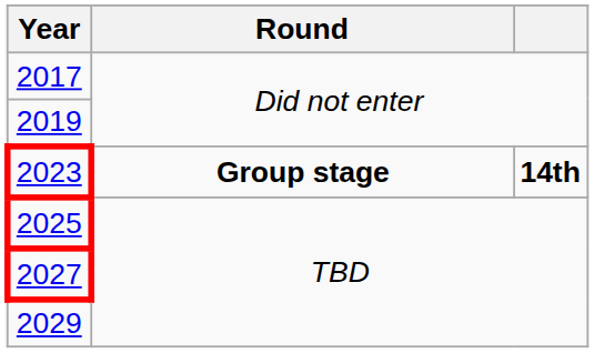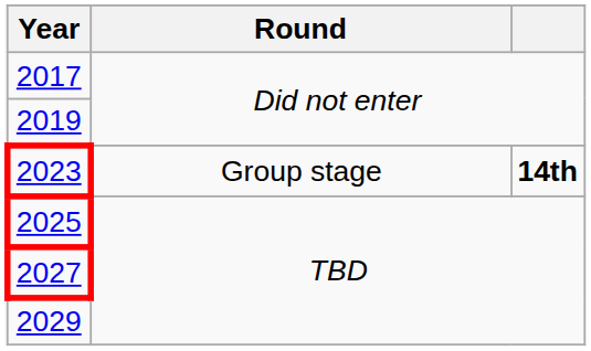 <table class="wikitable" style="text-align: center; font-size:90%">
 <tr>
 <th>Year</th>
 <th style="width:200px">Round</th>
 <th></th>
 </tr>
 <tr>
 <td><a href='#'>2017</a></td>
 <td colspan="2" rowspan="2"><em>Did not enter</em></td>
 </tr>
 <tr>
 <td><a href='#'>2019</a></td>
 </tr>
 <tr>
 <td style="border: 3px solid red"><a href='#'>2023</a></td>
-<td><strong>Group stage</strong></td>
+<td>Group stage</td>
 <td><strong>14th</strong></td>
 </tr>
 <tr>
 <td style="border: 3px solid red"><a href='#'>2025</a></td>
 <td colspan="2" rowspan="3"><em>TBD</em></td>
 </tr>
 <tr>
 <td style="border: 3px solid red"><a href='#'>2027</a></td>
 </tr>
 <tr>
 <td><a href='#'>2029</a></td>
 </tr>
 </table>
